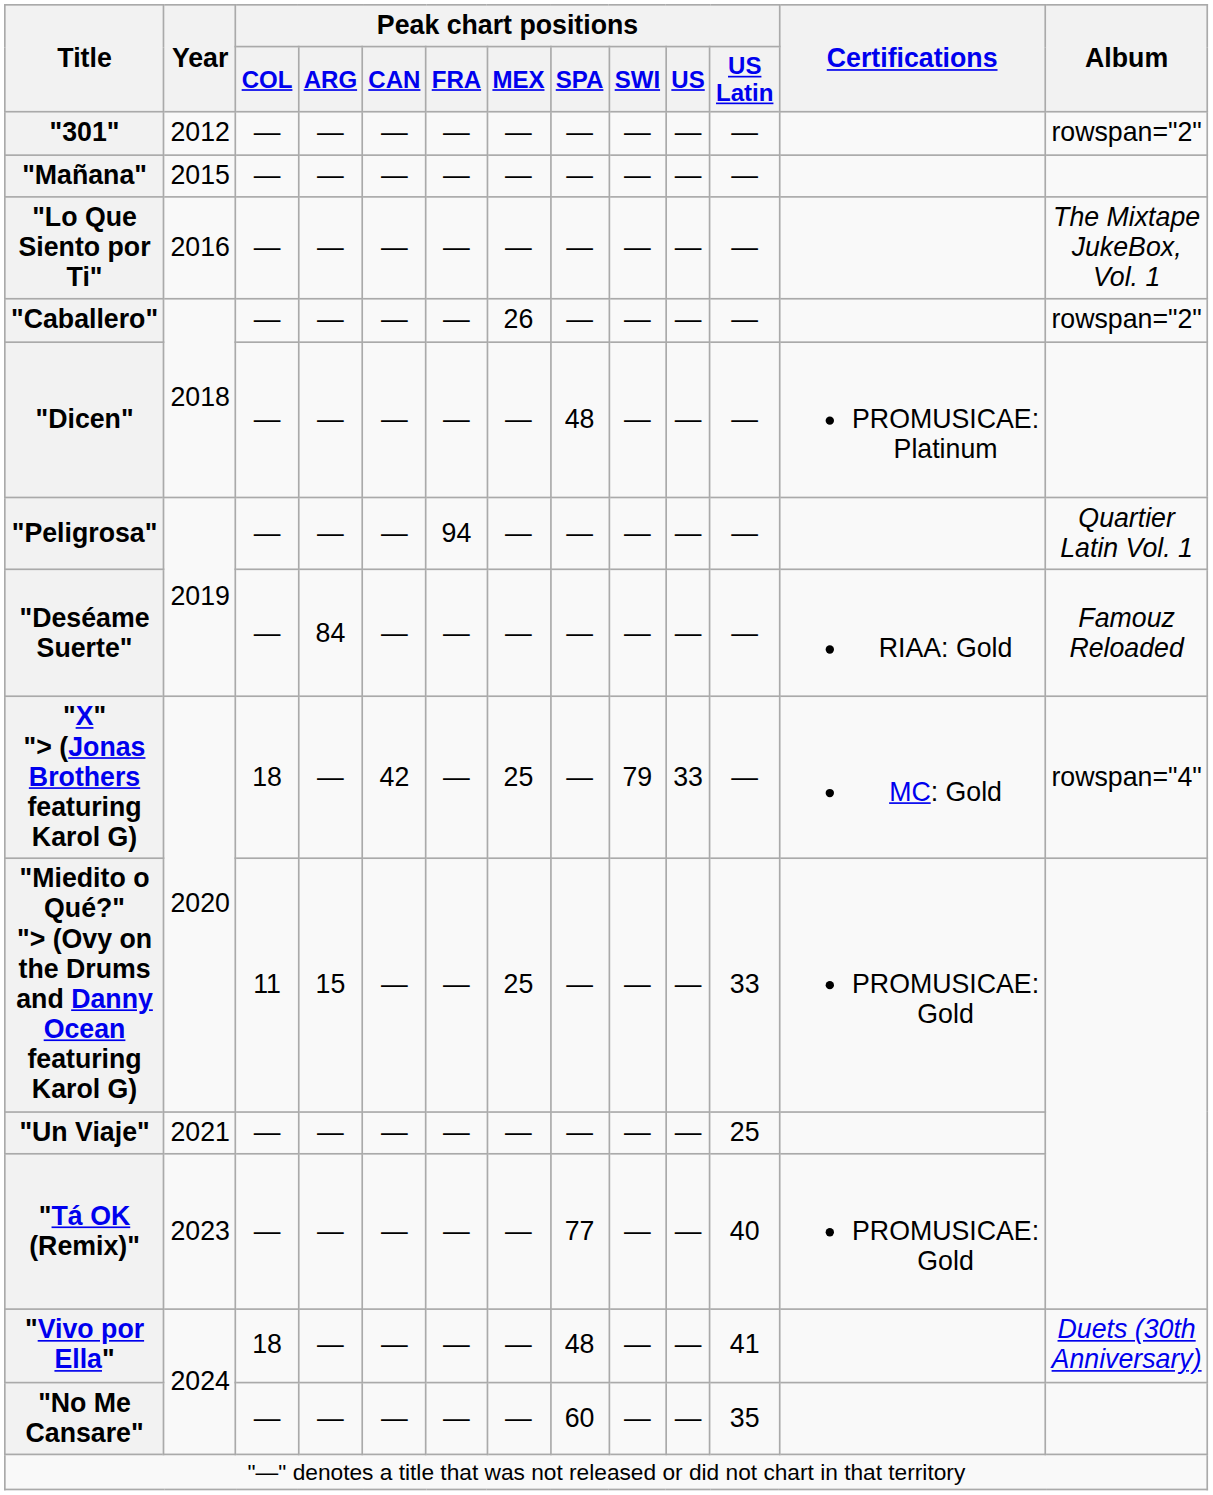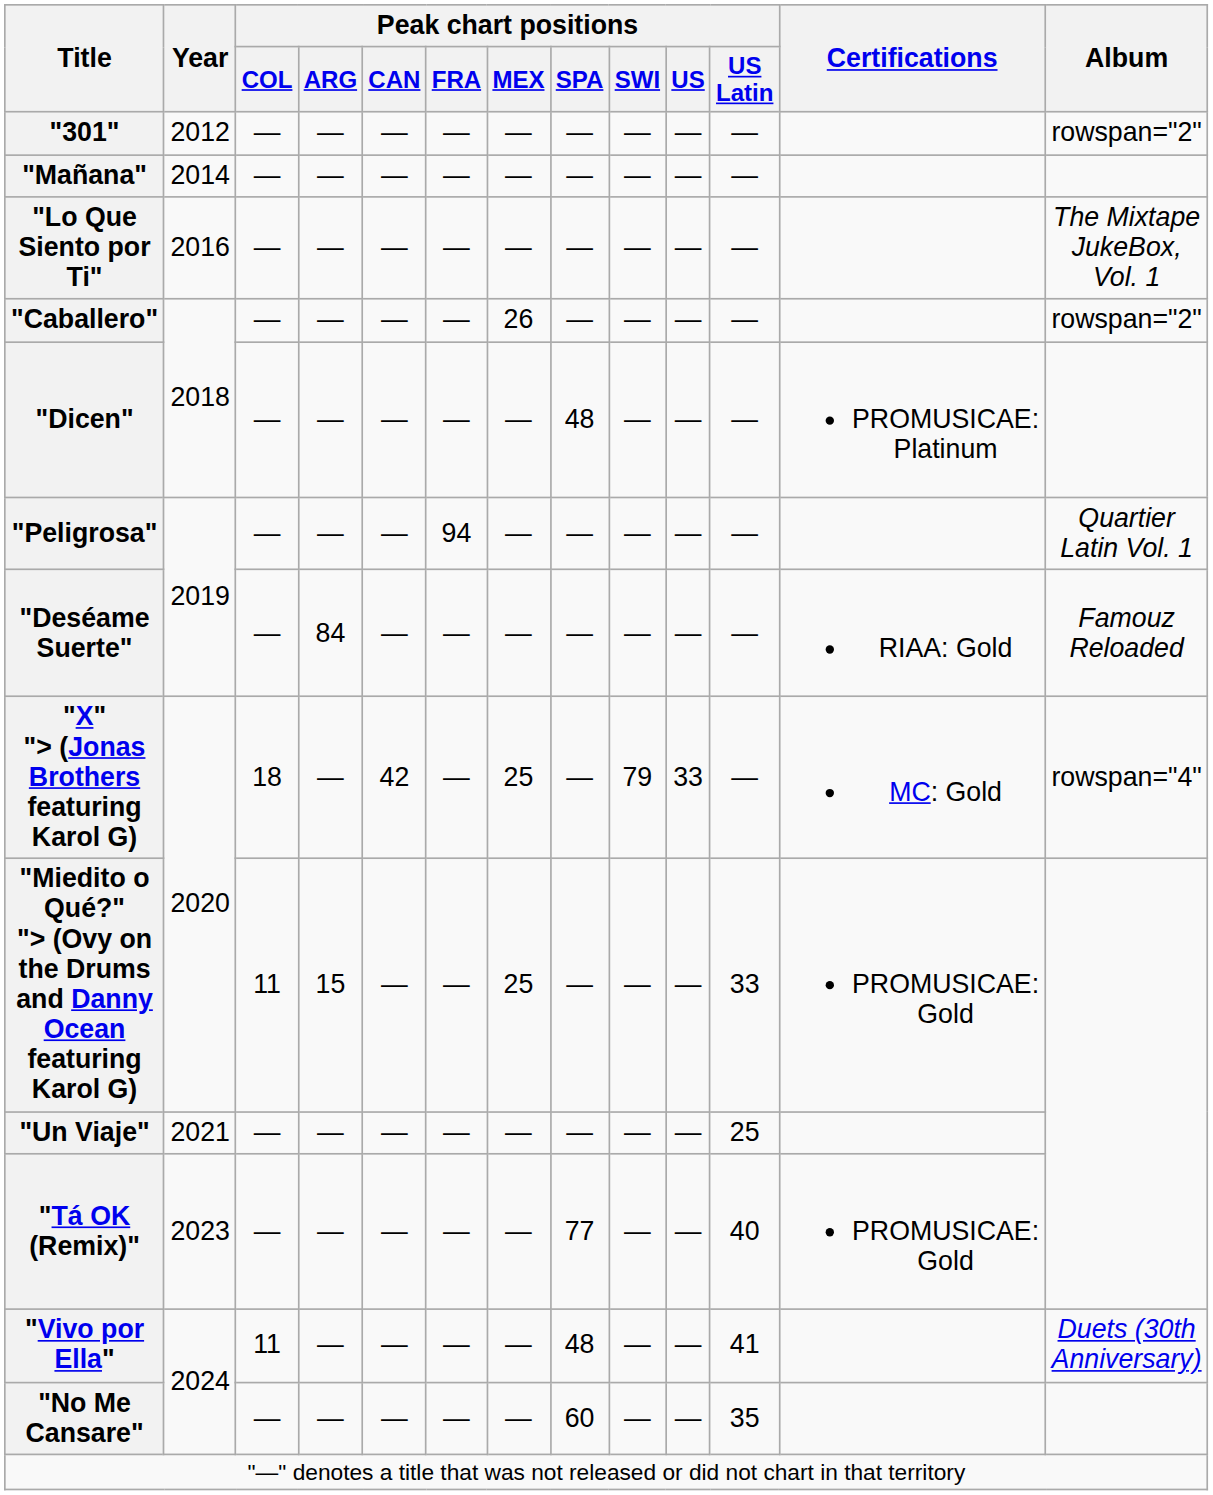 <table class="wikitable plainrowheaders" style="text-align:center;">
 <tr>
 <th scope="col" rowspan="2" style="width:14em;">Title</th>
 <th scope="col" rowspan="2" style="width:1em;">Year</th>
 <th scope="col" colspan="9">Peak chart positions</th>
 <th scope="col" rowspan="2" style="width:14em;"><a href='#'>Certifications</a></th>
 <th scope="col" rowspan="2" style="width:10em;">Album</th>
 </tr>
 <tr>
 <th scope="col" style="width:2.5em;font-size:90%;"><a href='#'>COL</a><br></th>
 <th scope="col" style="width:2.5em;font-size:90%;"><a href='#'>ARG</a><br></th>
 <th scope="col" style="width:2.5em;font-size:90%;"><a href='#'>CAN</a><br></th>
 <th scope="col" style="width:2.5em;font-size:90%;"><a href='#'>FRA</a><br></th>
 <th scope="col" style="width:2.5em;font-size:90%;"><a href='#'>MEX</a><br></th>
 <th scope="col" style="width:2.5em;font-size:90%;"><a href='#'>SPA</a><br></th>
 <th scope="col" style="width:2.5em;font-size:90%;"><a href='#'>SWI</a><br></th>
 <th scope="col" style="width:2.5em;font-size:90%;"><a href='#'>US</a><br></th>
 <th scope="col" style="width:2.5em;font-size:90%;"><a href='#'>US<br>Latin</a><br></th>
 </tr>
 <tr>
 <th scope="row">"301"<br></th>
 <td>2012</td>
 <td>—</td>
 <td>—</td>
 <td>—</td>
 <td>—</td>
 <td>—</td>
 <td>—</td>
 <td>—</td>
 <td>—</td>
 <td>—</td>
 <td></td>
 <td>rowspan="2" </td>
 </tr>
 <tr>
 <th scope="row">"Mañana"<br></th>
-<td>2015</td>
+<td>2014</td>
 <td>—</td>
 <td>—</td>
 <td>—</td>
 <td>—</td>
 <td>—</td>
 <td>—</td>
 <td>—</td>
 <td>—</td>
 <td>—</td>
 <td></td>
 </tr>
 <tr>
 <th scope="row">"Lo Que Siento por Ti"<br></th>
 <td>2016</td>
 <td>—</td>
 <td>—</td>
 <td>—</td>
 <td>—</td>
 <td>—</td>
 <td>—</td>
 <td>—</td>
 <td>—</td>
 <td>—</td>
 <td></td>
 <td><em>The Mixtape JukeBox, Vol. 1</em></td>
 </tr>
 <tr>
 <th scope="row">"Caballero"<br></th>
 <td rowspan="2">2018</td>
 <td>—</td>
 <td>—</td>
 <td>—</td>
 <td>—</td>
 <td>26</td>
 <td>—</td>
 <td>—</td>
 <td>—</td>
 <td>—</td>
 <td></td>
 <td>rowspan="2" </td>
 </tr>
 <tr>
 <th scope="row">"Dicen"<br></th>
 <td>—</td>
 <td>—</td>
 <td>—</td>
 <td>—</td>
 <td>—</td>
 <td>48</td>
 <td>—</td>
 <td>—</td>
 <td>—</td>
 <td><br><ul><li>PROMUSICAE: Platinum</li></ul></td>
 </tr>
 <tr>
 <th scope="row">"Peligrosa"<br></th>
 <td rowspan="2">2019</td>
 <td>—</td>
 <td>—</td>
 <td>—</td>
 <td>94</td>
 <td>—</td>
 <td>—</td>
 <td>—</td>
 <td>—</td>
 <td>—</td>
 <td></td>
 <td><em>Quartier Latin Vol. 1</em></td>
 </tr>
 <tr>
 <th scope="row">"Deséame Suerte"<br></th>
 <td>—</td>
 <td>84</td>
 <td>—</td>
 <td>—</td>
 <td>—</td>
 <td>—</td>
 <td>—</td>
 <td>—</td>
 <td>—</td>
 <td><br><ul><li>RIAA: Gold </li></ul></td>
 <td><em>Famouz Reloaded</em></td>
 </tr>
 <tr>
 <th scope="row">"<a href='#'>X</a>"<br><span>"> (<a href='#'>Jonas Brothers</a> featuring Karol G)</span></th>
 <td rowspan="2">2020</td>
 <td>18</td>
 <td>—</td>
 <td>42</td>
 <td>—</td>
 <td>25</td>
 <td>—</td>
 <td>79</td>
 <td>33</td>
 <td>—</td>
 <td><br><ul><li><a href='#'>MC</a>: Gold</li></ul></td>
 <td>rowspan="4" </td>
 </tr>
 <tr>
 <th scope="row">"Miedito o Qué?"<br><span>"> (Ovy on the Drums and <a href='#'>Danny Ocean</a> featuring Karol G)</span></th>
 <td>11</td>
 <td>15</td>
 <td>—</td>
 <td>—</td>
 <td>25</td>
 <td>—</td>
 <td>—</td>
 <td>—</td>
 <td>33</td>
 <td><br><ul><li>PROMUSICAE: Gold</li></ul></td>
 </tr>
 <tr>
 <th scope="row">"Un Viaje"<br></th>
 <td>2021</td>
 <td>—</td>
 <td>—</td>
 <td>—</td>
 <td>—</td>
 <td>—</td>
 <td>—</td>
 <td>—</td>
 <td>—</td>
 <td>25</td>
 <td></td>
 </tr>
 <tr>
 <th scope="row">"<a href='#'>Tá OK</a> (Remix)"<br></th>
 <td>2023</td>
 <td>—</td>
 <td>—</td>
 <td>—</td>
 <td>—</td>
 <td>—</td>
 <td>77</td>
 <td>—</td>
 <td>—</td>
 <td>40</td>
 <td><br><ul><li>PROMUSICAE: Gold</li></ul></td>
 </tr>
 <tr>
 <th scope="row">"<a href='#'>Vivo por Ella</a>"<br></th>
 <td rowspan="2">2024</td>
-<td>18</td>
+<td>11</td>
 <td>—</td>
 <td>—</td>
 <td>—</td>
 <td>—</td>
 <td>48</td>
 <td>—</td>
 <td>—</td>
 <td>41</td>
 <td></td>
 <td><em><a href='#'>Duets (30th Anniversary)</a></em></td>
 </tr>
 <tr>
 <th scope="row">"No Me Cansare" <br></th>
 <td>—</td>
 <td>—</td>
 <td>—</td>
 <td>—</td>
 <td>—</td>
 <td>60</td>
 <td>—</td>
 <td>—</td>
 <td>35</td>
 <td></td>
 <td></td>
 </tr>
 <tr>
 <td colspan="16" style="font-size:85%">"—" denotes a title that was not released or did not chart in that territory</td>
 </tr>
 </table>
